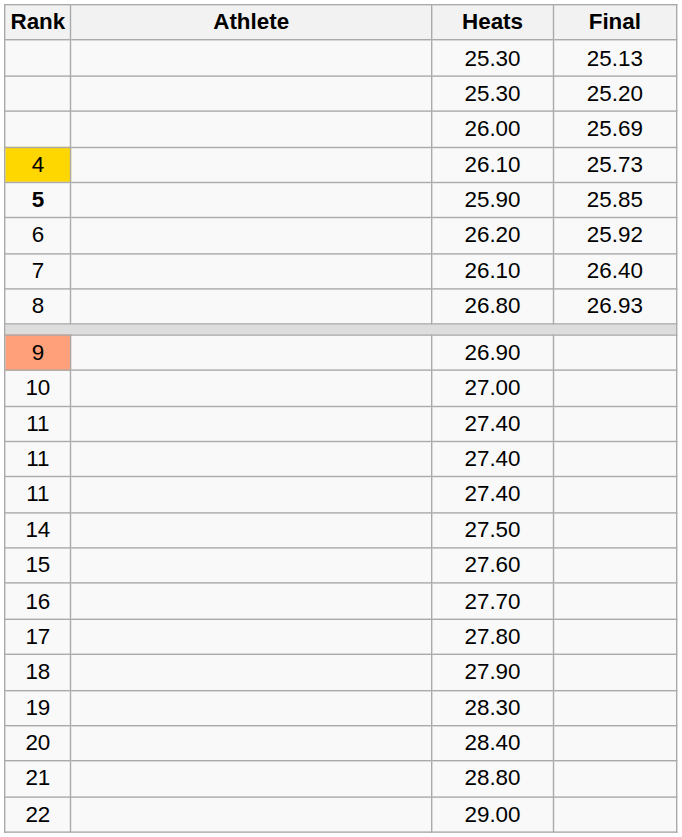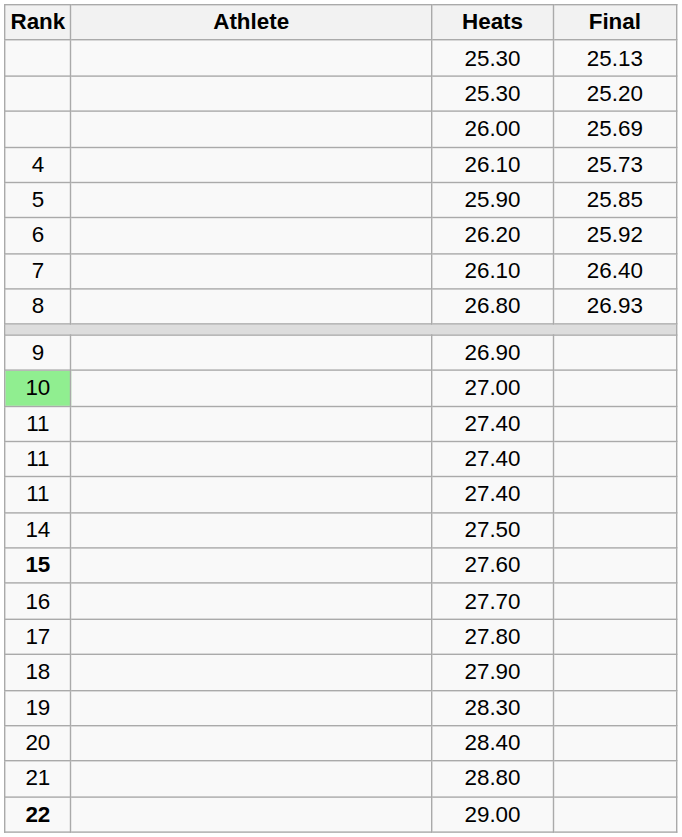 <table class=wikitable style="text-align:center">
 <tr>
 <th width=40>Rank</th>
 <th width=250>Athlete</th>
 <th width=80>Heats</th>
 <th width=80>Final</th>
 </tr>
 <tr>
 <td></td>
 <td align=left></td>
 <td>25.30</td>
 <td>25.13</td>
 </tr>
 <tr>
 <td></td>
 <td align=left></td>
 <td>25.30</td>
 <td>25.20</td>
 </tr>
 <tr>
 <td></td>
 <td align=left></td>
 <td>26.00</td>
 <td>25.69</td>
 </tr>
 <tr>
-<td style="background: gold;">4</td>
+<td>4</td>
 <td align=left></td>
 <td>26.10</td>
 <td>25.73</td>
 </tr>
 <tr>
-<td><strong>5</strong></td>
+<td>5</td>
 <td align=left></td>
 <td>25.90</td>
 <td>25.85</td>
 </tr>
 <tr>
 <td>6</td>
 <td align=left></td>
 <td>26.20</td>
 <td>25.92</td>
 </tr>
 <tr>
 <td>7</td>
 <td align=left></td>
 <td>26.10</td>
 <td>26.40</td>
 </tr>
 <tr>
 <td>8</td>
 <td align=left></td>
 <td>26.80</td>
 <td>26.93</td>
 </tr>
 <tr bgcolor=#DDDDDD>
 <td colspan=4></td>
 </tr>
 <tr>
-<td style="background: lightsalmon;">9</td>
+<td>9</td>
 <td align=left></td>
 <td>26.90</td>
 <td></td>
 </tr>
 <tr>
-<td>10</td>
+<td style="background: lightgreen;">10</td>
 <td align=left></td>
 <td>27.00</td>
 <td></td>
 </tr>
 <tr>
 <td>11</td>
 <td align=left></td>
 <td>27.40</td>
 <td></td>
 </tr>
 <tr>
 <td>11</td>
 <td align=left></td>
 <td>27.40</td>
 <td></td>
 </tr>
 <tr>
 <td>11</td>
 <td align=left></td>
 <td>27.40</td>
 <td></td>
 </tr>
 <tr>
 <td>14</td>
 <td align=left></td>
 <td>27.50</td>
 <td></td>
 </tr>
 <tr>
-<td>15</td>
+<td><strong>15</strong></td>
 <td align=left></td>
 <td>27.60</td>
 <td></td>
 </tr>
 <tr>
 <td>16</td>
 <td align=left></td>
 <td>27.70</td>
 <td></td>
 </tr>
 <tr>
 <td>17</td>
 <td align=left></td>
 <td>27.80</td>
 <td></td>
 </tr>
 <tr>
 <td>18</td>
 <td align=left></td>
 <td>27.90</td>
 <td></td>
 </tr>
 <tr>
 <td>19</td>
 <td align=left></td>
 <td>28.30</td>
 <td></td>
 </tr>
 <tr>
 <td>20</td>
 <td align=left></td>
 <td>28.40</td>
 <td></td>
 </tr>
 <tr>
 <td>21</td>
 <td align=left></td>
 <td>28.80</td>
 <td></td>
 </tr>
 <tr>
-<td>22</td>
+<td><strong>22</strong></td>
 <td align=left></td>
 <td>29.00</td>
 <td></td>
 </tr>
 </table>
